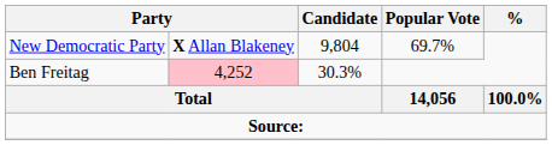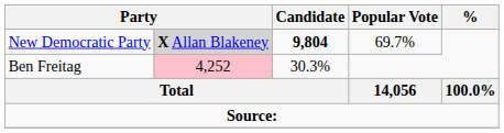 <table class="wikitable">
 <tr>
 <th colspan="2">Party</th>
 <th>Candidate</th>
 <th>Popular Vote</th>
 <th>%</th>
 </tr>
 <tr>
 <td><a href='#'>New Democratic Party</a></td>
-<td> <strong>X</strong> <a href='#'>Allan Blakeney</a></td>
-<td align=center>9,804</td>
+<td style="background: lightgrey;"> <strong>X</strong> <a href='#'>Allan Blakeney</a></td>
+<td align=center><strong>9,804</strong></td>
 <td align=center>69.7%</td>
 </tr>
 <tr>
 <td>Ben Freitag</td>
 <td align=center style="background: pink;">4,252</td>
 <td align=center>30.3%</td>
 </tr>
 <tr>
 <th colspan=3>Total</th>
 <th>14,056</th>
 <th>100.0%</th>
 </tr>
 <tr>
 <td align="center" colspan=5><strong>Source:</strong> </td>
 </tr>
 <tr>
 </tr>
 </table>
